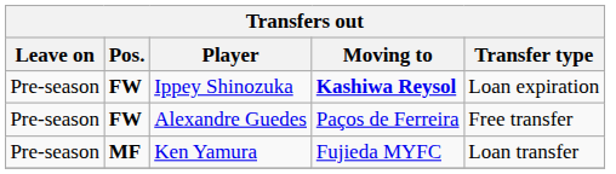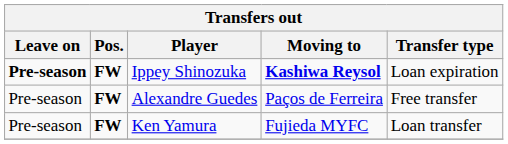 <table class="wikitable sortable" style=“text-align:left;>
 <tr>
 <th colspan="5">Transfers out</th>
 </tr>
 <tr>
 <th>Leave on</th>
 <th>Pos.</th>
 <th>Player</th>
 <th>Moving to</th>
 <th>Transfer type</th>
 </tr>
 <tr>
-<td>Pre-season</td>
+<td><strong>Pre-season</strong></td>
 <td><strong>FW</strong></td>
 <td> <a href='#'>Ippey Shinozuka</a></td>
 <td><strong> <a href='#'>Kashiwa Reysol</a></strong></td>
 <td>Loan expiration</td>
 </tr>
 <tr>
 <td>Pre-season</td>
 <td><strong>FW</strong></td>
 <td> <a href='#'>Alexandre Guedes</a></td>
 <td> <a href='#'>Paços de Ferreira</a></td>
 <td>Free transfer</td>
 </tr>
 <tr>
 <td>Pre-season</td>
-<td><strong>MF</strong></td>
+<td><strong>FW</strong></td>
 <td> <a href='#'>Ken Yamura</a></td>
 <td> <a href='#'>Fujieda MYFC</a></td>
 <td>Loan transfer</td>
 </tr>
 <tr>
 </tr>
 </table>
